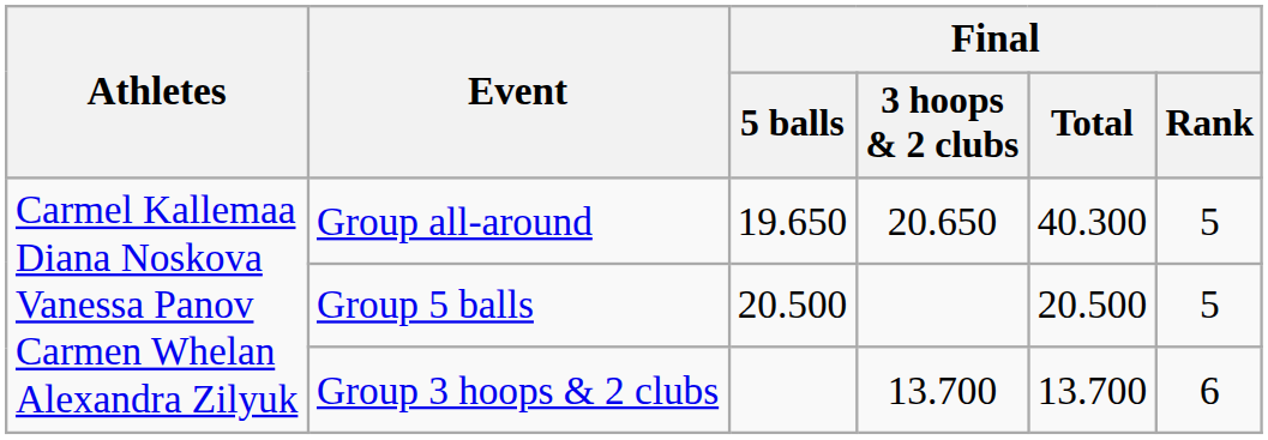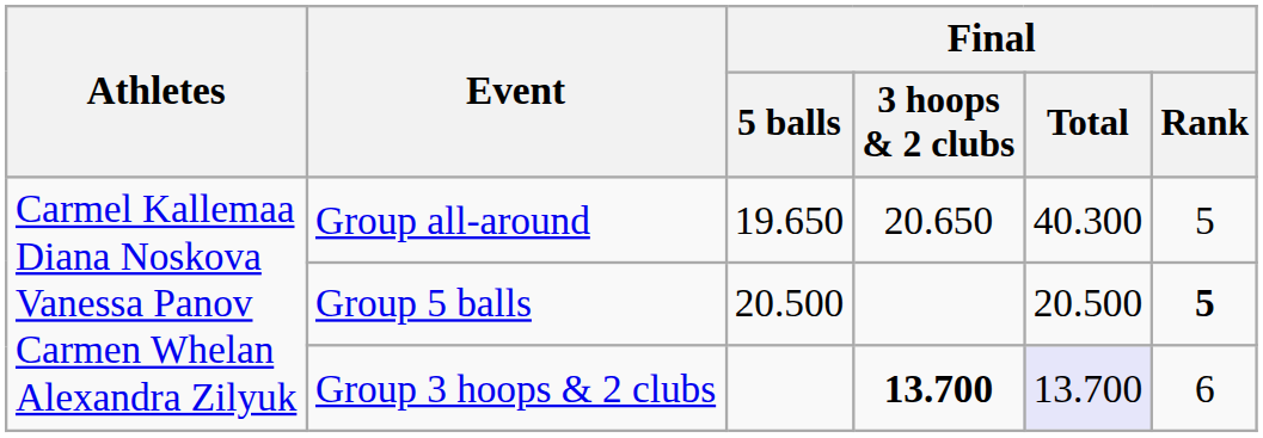 <table class="wikitable" style="font-size:90%">
 <tr>
 <th rowspan="2">Athletes</th>
 <th rowspan="2">Event</th>
 <th colspan="4">Final</th>
 </tr>
 <tr style="font-size:95%">
 <th>5 balls</th>
 <th>3 hoops<br>& 2 clubs</th>
 <th>Total</th>
 <th>Rank</th>
 </tr>
 <tr align=center>
 <td align=left rowspan=3><a href='#'>Carmel Kallemaa</a><br><a href='#'>Diana Noskova</a><br><a href='#'>Vanessa Panov</a><br><a href='#'>Carmen Whelan</a><br><a href='#'>Alexandra Zilyuk</a></td>
 <td align=left><a href='#'>Group all-around</a></td>
 <td>19.650</td>
 <td>20.650</td>
 <td>40.300</td>
 <td>5</td>
 </tr>
 <tr align=center>
 <td align=left><a href='#'>Group 5 balls</a></td>
 <td>20.500</td>
 <td></td>
 <td>20.500</td>
-<td>5</td>
+<td><strong>5</strong></td>
 </tr>
 <tr align=center>
 <td align=left><a href='#'>Group 3 hoops & 2 clubs</a></td>
 <td></td>
-<td>13.700</td>
-<td>13.700</td>
+<td><strong>13.700</strong></td>
+<td style="background: lavender;">13.700</td>
 <td>6</td>
 </tr>
 </table>
